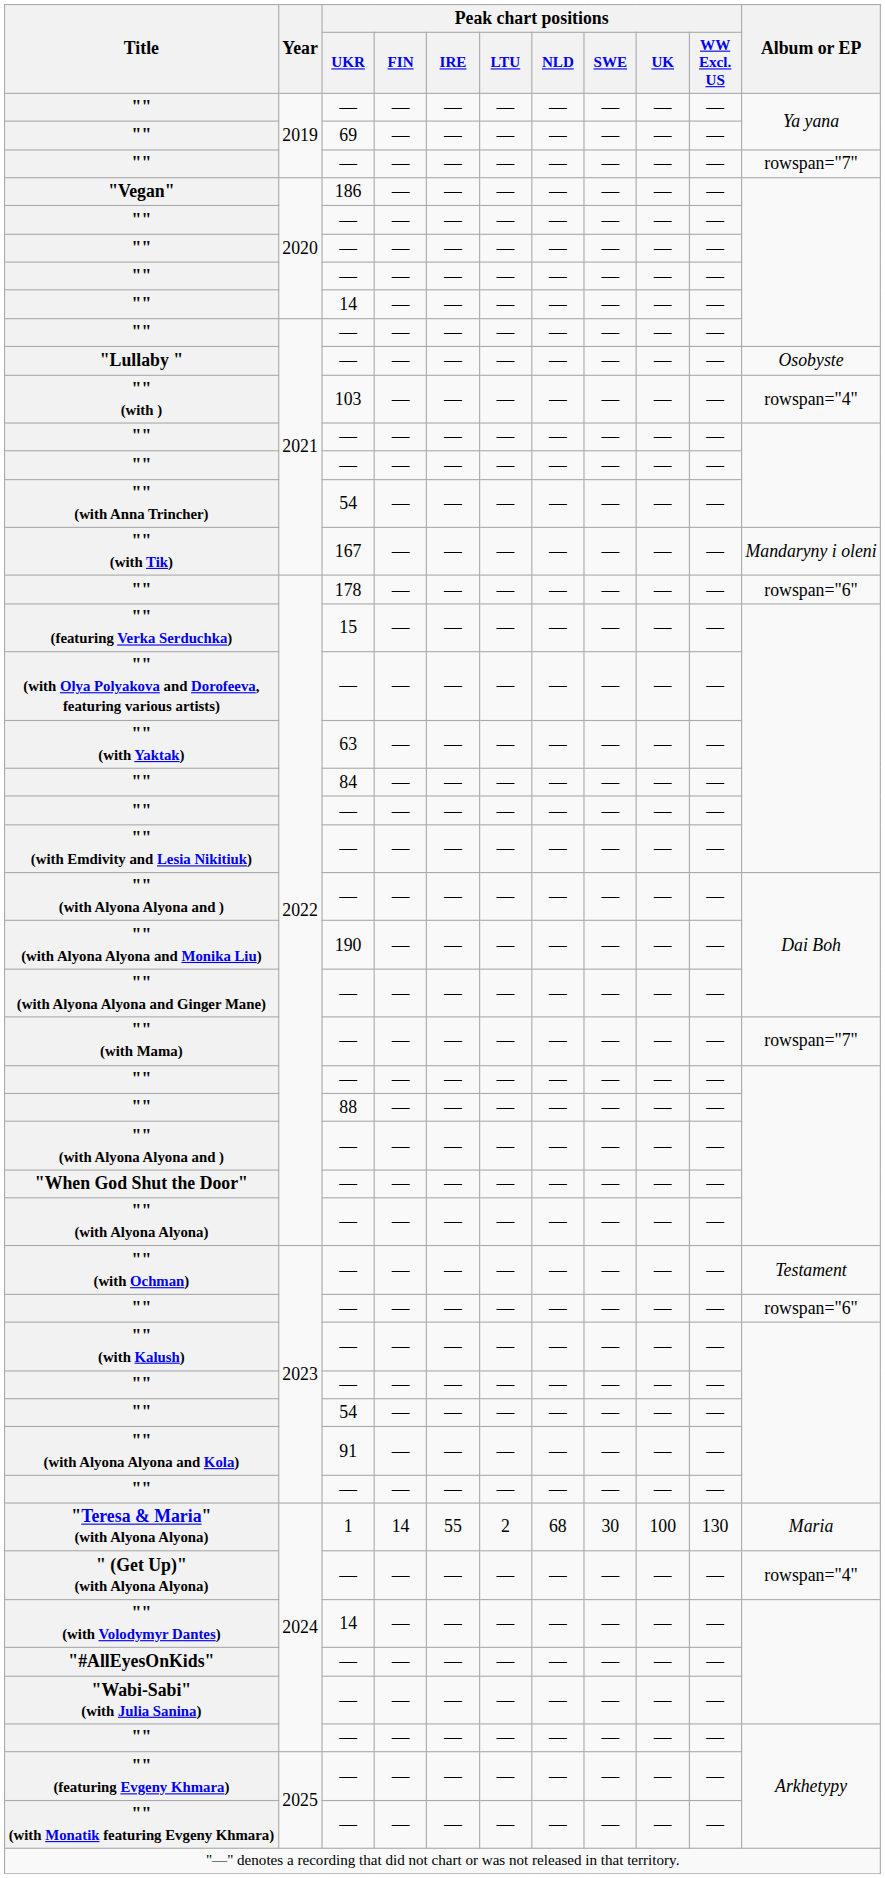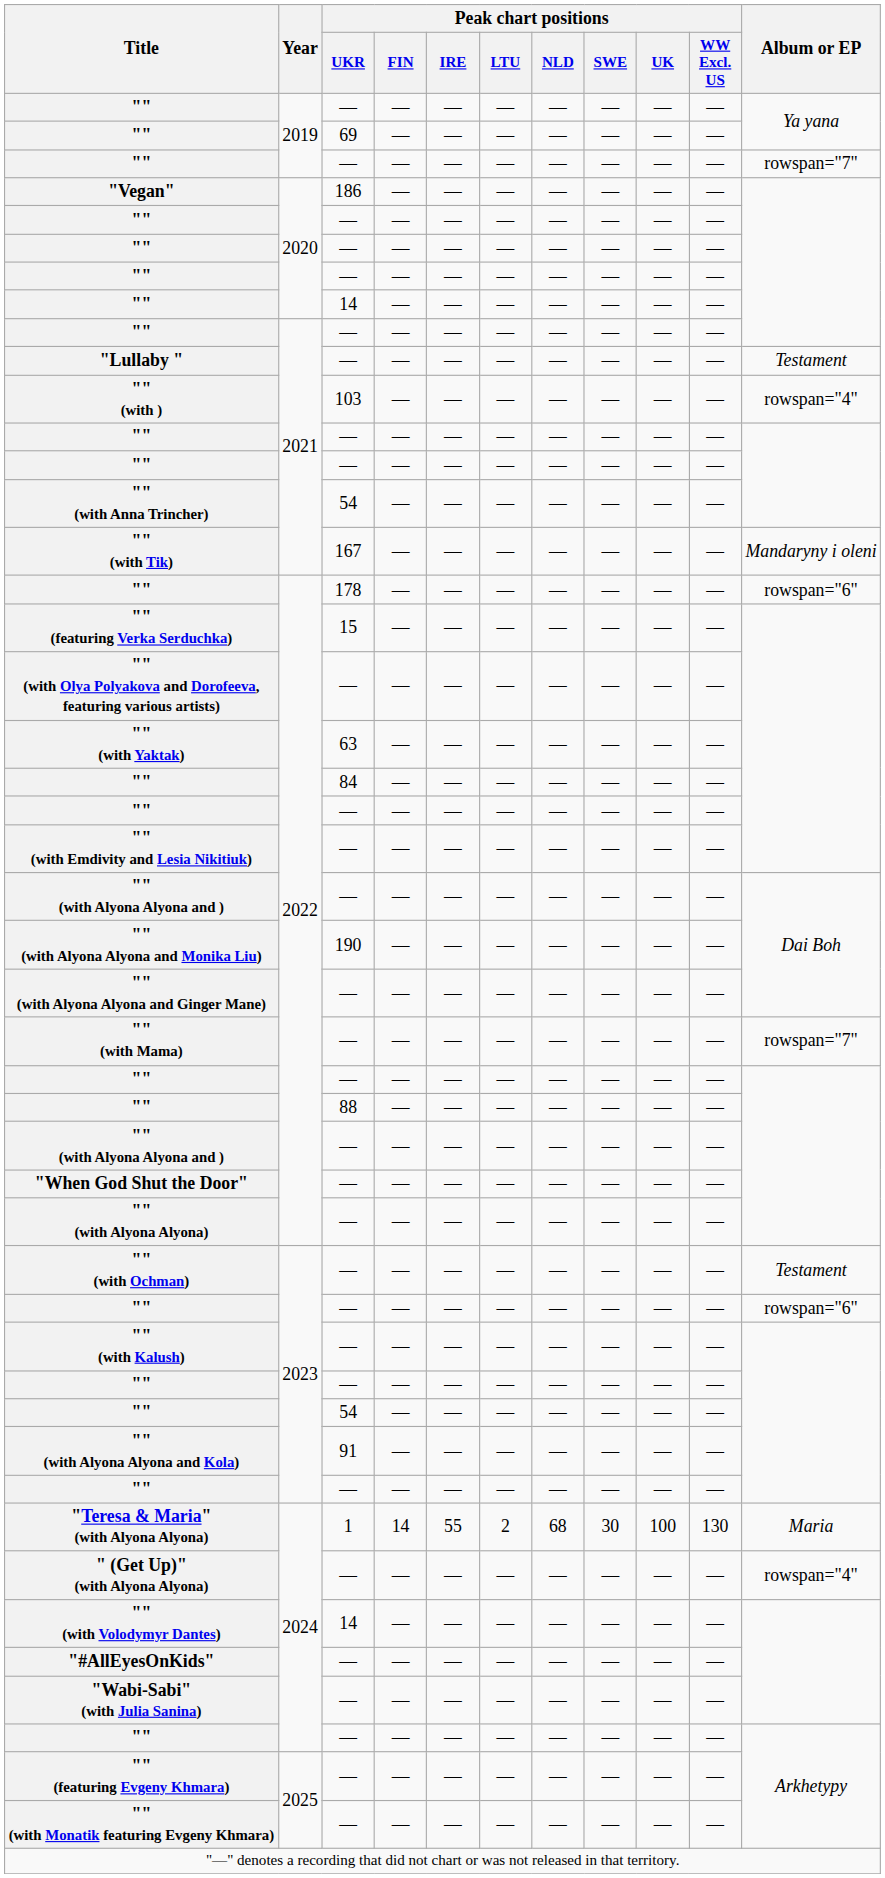 <table class="wikitable plainrowheaders" style="text-align:center;">
 <tr>
 <th scope="col" rowspan="2">Title</th>
 <th scope="col" rowspan="2">Year</th>
 <th scope="col" colspan="8">Peak chart positions</th>
 <th scope="col" rowspan="2">Album or EP</th>
 </tr>
 <tr>
 <th scope="col" style="width:3em;font-size:85%;"><a href='#'>UKR</a><br></th>
 <th scope="col" style="width:3em;font-size:85%;"><a href='#'>FIN</a><br></th>
 <th scope="col" style="width:3em;font-size:85%;"><a href='#'>IRE</a><br></th>
 <th scope="col" style="width:3em;font-size:85%;"><a href='#'>LTU</a><br></th>
 <th scope="col" style="width:3em;font-size:85%;"><a href='#'>NLD</a><br></th>
 <th scope="col" style="width:3em;font-size:85%;"><a href='#'>SWE</a><br></th>
 <th scope="col" style="width:3em;font-size:85%;"><a href='#'>UK</a><br></th>
 <th scope="col" style="width:3em;font-size:85%;"><a href='#'>WW<br>Excl. US</a><br></th>
 </tr>
 <tr>
 <th scope="row">""</th>
 <td rowspan="3">2019</td>
 <td>—</td>
 <td>—</td>
 <td>—</td>
 <td>—</td>
 <td>—</td>
 <td>—</td>
 <td>—</td>
 <td>—</td>
 <td rowspan="2"><em>Ya yana</em></td>
 </tr>
 <tr>
 <th scope="row">""</th>
 <td>69</td>
 <td>—</td>
 <td>—</td>
 <td>—</td>
 <td>—</td>
 <td>—</td>
 <td>—</td>
 <td>—</td>
 </tr>
 <tr>
 <th scope="row">""</th>
 <td>—</td>
 <td>—</td>
 <td>—</td>
 <td>—</td>
 <td>—</td>
 <td>—</td>
 <td>—</td>
 <td>—</td>
 <td>rowspan="7" </td>
 </tr>
 <tr>
 <th scope="row">"Vegan"</th>
 <td rowspan="5">2020</td>
 <td>186</td>
 <td>—</td>
 <td>—</td>
 <td>—</td>
 <td>—</td>
 <td>—</td>
 <td>—</td>
 <td>—</td>
 </tr>
 <tr>
 <th scope="row">""</th>
 <td>—</td>
 <td>—</td>
 <td>—</td>
 <td>—</td>
 <td>—</td>
 <td>—</td>
 <td>—</td>
 <td>—</td>
 </tr>
 <tr>
 <th scope="row">""</th>
 <td>—</td>
 <td>—</td>
 <td>—</td>
 <td>—</td>
 <td>—</td>
 <td>—</td>
 <td>—</td>
 <td>—</td>
 </tr>
 <tr>
 <th scope="row">""</th>
 <td>—</td>
 <td>—</td>
 <td>—</td>
 <td>—</td>
 <td>—</td>
 <td>—</td>
 <td>—</td>
 <td>—</td>
 </tr>
 <tr>
 <th scope="row">""</th>
 <td>14</td>
 <td>—</td>
 <td>—</td>
 <td>—</td>
 <td>—</td>
 <td>—</td>
 <td>—</td>
 <td>—</td>
 </tr>
 <tr>
 <th scope="row">""</th>
 <td rowspan="7">2021</td>
 <td>—</td>
 <td>—</td>
 <td>—</td>
 <td>—</td>
 <td>—</td>
 <td>—</td>
 <td>—</td>
 <td>—</td>
 </tr>
 <tr>
 <th scope="row">"Lullaby "</th>
 <td>—</td>
 <td>—</td>
 <td>—</td>
 <td>—</td>
 <td>—</td>
 <td>—</td>
 <td>—</td>
 <td>—</td>
-<td><em>Osobyste</em></td>
+<td><em>Testament</em></td>
 </tr>
 <tr>
 <th scope="row">""<br><small>(with )</small></th>
 <td>103</td>
 <td>—</td>
 <td>—</td>
 <td>—</td>
 <td>—</td>
 <td>—</td>
 <td>—</td>
 <td>—</td>
 <td>rowspan="4" </td>
 </tr>
 <tr>
 <th scope="row">""</th>
 <td>—</td>
 <td>—</td>
 <td>—</td>
 <td>—</td>
 <td>—</td>
 <td>—</td>
 <td>—</td>
 <td>—</td>
 </tr>
 <tr>
 <th scope="row">""</th>
 <td>—</td>
 <td>—</td>
 <td>—</td>
 <td>—</td>
 <td>—</td>
 <td>—</td>
 <td>—</td>
 <td>—</td>
 </tr>
 <tr>
 <th scope="row">""<br><small>(with Anna Trincher)</small></th>
 <td>54</td>
 <td>—</td>
 <td>—</td>
 <td>—</td>
 <td>—</td>
 <td>—</td>
 <td>—</td>
 <td>—</td>
 </tr>
 <tr>
 <th scope="row">""<br><small>(with <a href='#'>Tik</a>)</small></th>
 <td>167</td>
 <td>—</td>
 <td>—</td>
 <td>—</td>
 <td>—</td>
 <td>—</td>
 <td>—</td>
 <td>—</td>
 <td><em>Mandaryny i oleni</em></td>
 </tr>
 <tr>
 <th scope="row">""</th>
 <td rowspan="16">2022</td>
 <td>178</td>
 <td>—</td>
 <td>—</td>
 <td>—</td>
 <td>—</td>
 <td>—</td>
 <td>—</td>
 <td>—</td>
 <td>rowspan="6" </td>
 </tr>
 <tr>
 <th scope="row">""<br><small>(featuring <a href='#'>Verka Serduchka</a>)</small></th>
 <td>15</td>
 <td>—</td>
 <td>—</td>
 <td>—</td>
 <td>—</td>
 <td>—</td>
 <td>—</td>
 <td>—</td>
 </tr>
 <tr>
 <th scope="row">""<br><small>(with <a href='#'>Olya Polyakova</a> and <a href='#'>Dorofeeva</a>,<br>featuring various artists)</small></th>
 <td>—</td>
 <td>—</td>
 <td>—</td>
 <td>—</td>
 <td>—</td>
 <td>—</td>
 <td>—</td>
 <td>—</td>
 </tr>
 <tr>
 <th scope="row">""<br><small>(with <a href='#'>Yaktak</a>)</small></th>
 <td>63</td>
 <td>—</td>
 <td>—</td>
 <td>—</td>
 <td>—</td>
 <td>—</td>
 <td>—</td>
 <td>—</td>
 </tr>
 <tr>
 <th scope="row">""</th>
 <td>84</td>
 <td>—</td>
 <td>—</td>
 <td>—</td>
 <td>—</td>
 <td>—</td>
 <td>—</td>
 <td>—</td>
 </tr>
 <tr>
 <th scope="row">""</th>
 <td>—</td>
 <td>—</td>
 <td>—</td>
 <td>—</td>
 <td>—</td>
 <td>—</td>
 <td>—</td>
 <td>—</td>
 </tr>
 <tr>
 <th scope="row">""<br><small>(with Emdivity and <a href='#'>Lesia Nikitiuk</a>)</small></th>
 <td>—</td>
 <td>—</td>
 <td>—</td>
 <td>—</td>
 <td>—</td>
 <td>—</td>
 <td>—</td>
 <td>—</td>
 </tr>
 <tr>
 <th scope="row">""<br><small>(with Alyona Alyona and )</small></th>
 <td>—</td>
 <td>—</td>
 <td>—</td>
 <td>—</td>
 <td>—</td>
 <td>—</td>
 <td>—</td>
 <td>—</td>
 <td rowspan="3"><em>Dai Boh</em></td>
 </tr>
 <tr>
 <th scope="row">""<br><small>(with Alyona Alyona and <a href='#'>Monika Liu</a>)</small></th>
 <td>190</td>
 <td>—</td>
 <td>—</td>
 <td>—</td>
 <td>—</td>
 <td>—</td>
 <td>—</td>
 <td>—</td>
 </tr>
 <tr>
 <th scope="row">""<br><small>(with Alyona Alyona and Ginger Mane)</small></th>
 <td>—</td>
 <td>—</td>
 <td>—</td>
 <td>—</td>
 <td>—</td>
 <td>—</td>
 <td>—</td>
 <td>—</td>
 </tr>
 <tr>
 <th scope="row">""<br><small>(with Mama)</small></th>
 <td>—</td>
 <td>—</td>
 <td>—</td>
 <td>—</td>
 <td>—</td>
 <td>—</td>
 <td>—</td>
 <td>—</td>
 <td>rowspan="7" </td>
 </tr>
 <tr>
 <th scope="row">""</th>
 <td>—</td>
 <td>—</td>
 <td>—</td>
 <td>—</td>
 <td>—</td>
 <td>—</td>
 <td>—</td>
 <td>—</td>
 </tr>
 <tr>
 <th scope="row">""</th>
 <td>88</td>
 <td>—</td>
 <td>—</td>
 <td>—</td>
 <td>—</td>
 <td>—</td>
 <td>—</td>
 <td>—</td>
 </tr>
 <tr>
 <th scope="row">""<br><small>(with Alyona Alyona and )</small></th>
 <td>—</td>
 <td>—</td>
 <td>—</td>
 <td>—</td>
 <td>—</td>
 <td>—</td>
 <td>—</td>
 <td>—</td>
 </tr>
 <tr>
 <th scope="row">"When God Shut the Door"</th>
 <td>—</td>
 <td>—</td>
 <td>—</td>
 <td>—</td>
 <td>—</td>
 <td>—</td>
 <td>—</td>
 <td>—</td>
 </tr>
 <tr>
 <th scope="row">""<br><small>(with Alyona Alyona)</small></th>
 <td>—</td>
 <td>—</td>
 <td>—</td>
 <td>—</td>
 <td>—</td>
 <td>—</td>
 <td>—</td>
 <td>—</td>
 </tr>
 <tr>
 <th scope="row">""<br><small>(with <a href='#'>Ochman</a>)</small></th>
 <td rowspan="7">2023</td>
 <td>—</td>
 <td>—</td>
 <td>—</td>
 <td>—</td>
 <td>—</td>
 <td>—</td>
 <td>—</td>
 <td>—</td>
 <td><em>Testament</em></td>
 </tr>
 <tr>
 <th scope="row">""</th>
 <td>—</td>
 <td>—</td>
 <td>—</td>
 <td>—</td>
 <td>—</td>
 <td>—</td>
 <td>—</td>
 <td>—</td>
 <td>rowspan="6" </td>
 </tr>
 <tr>
 <th scope="row">""<br><small>(with <a href='#'>Kalush</a>)</small></th>
 <td>—</td>
 <td>—</td>
 <td>—</td>
 <td>—</td>
 <td>—</td>
 <td>—</td>
 <td>—</td>
 <td>—</td>
 </tr>
 <tr>
 <th scope="row">""</th>
 <td>—</td>
 <td>—</td>
 <td>—</td>
 <td>—</td>
 <td>—</td>
 <td>—</td>
 <td>—</td>
 <td>—</td>
 </tr>
 <tr>
 <th scope="row">""</th>
 <td>54</td>
 <td>—</td>
 <td>—</td>
 <td>—</td>
 <td>—</td>
 <td>—</td>
 <td>—</td>
 <td>—</td>
 </tr>
 <tr>
 <th scope="row">""<br><small>(with Alyona Alyona and <a href='#'>Kola</a>)</small></th>
 <td>91</td>
 <td>—</td>
 <td>—</td>
 <td>—</td>
 <td>—</td>
 <td>—</td>
 <td>—</td>
 <td>—</td>
 </tr>
 <tr>
 <th scope="row">""</th>
 <td>—</td>
 <td>—</td>
 <td>—</td>
 <td>—</td>
 <td>—</td>
 <td>—</td>
 <td>—</td>
 <td>—</td>
 </tr>
 <tr>
 <th scope="row">"<a href='#'>Teresa & Maria</a>"<br><small>(with Alyona Alyona)</small></th>
 <td rowspan="6">2024</td>
 <td>1</td>
 <td>14</td>
 <td>55</td>
 <td>2</td>
 <td>68</td>
 <td>30</td>
 <td>100</td>
 <td>130</td>
 <td><em>Maria</em></td>
 </tr>
 <tr>
 <th scope="row">" (Get Up)"<br><small>(with Alyona Alyona)</small></th>
 <td>—</td>
 <td>—</td>
 <td>—</td>
 <td>—</td>
 <td>—</td>
 <td>—</td>
 <td>—</td>
 <td>—</td>
 <td>rowspan="4" </td>
 </tr>
 <tr>
 <th scope="row">""<br><small>(with <a href='#'>Volodymyr Dantes</a>)</small></th>
 <td>14</td>
 <td>—</td>
 <td>—</td>
 <td>—</td>
 <td>—</td>
 <td>—</td>
 <td>—</td>
 <td>—</td>
 </tr>
 <tr>
 <th scope="row">"#AllEyesOnKids"</th>
 <td>—</td>
 <td>—</td>
 <td>—</td>
 <td>—</td>
 <td>—</td>
 <td>—</td>
 <td>—</td>
 <td>—</td>
 </tr>
 <tr>
 <th scope="row">"Wabi-Sabi"<br><small>(with <a href='#'>Julia Sanina</a>)</small></th>
 <td>—</td>
 <td>—</td>
 <td>—</td>
 <td>—</td>
 <td>—</td>
 <td>—</td>
 <td>—</td>
 <td>—</td>
 </tr>
 <tr>
 <th scope="row">""</th>
 <td>—</td>
 <td>—</td>
 <td>—</td>
 <td>—</td>
 <td>—</td>
 <td>—</td>
 <td>—</td>
 <td>—</td>
 <td rowspan="3"><em>Arkhetypy</em></td>
 </tr>
 <tr>
 <th scope="row">""<br><small>(featuring <a href='#'>Evgeny Khmara</a>)</small></th>
 <td rowspan="2">2025</td>
 <td>—</td>
 <td>—</td>
 <td>—</td>
 <td>—</td>
 <td>—</td>
 <td>—</td>
 <td>—</td>
 <td>—</td>
 </tr>
 <tr>
 <th scope="row">""<br><small>(with <a href='#'>Monatik</a> featuring Evgeny Khmara)</small></th>
 <td>—</td>
 <td>—</td>
 <td>—</td>
 <td>—</td>
 <td>—</td>
 <td>—</td>
 <td>—</td>
 <td>—</td>
 </tr>
 <tr>
 <td colspan="11" style="font-size:85%">"—" denotes a recording that did not chart or was not released in that territory.</td>
 </tr>
 </table>
